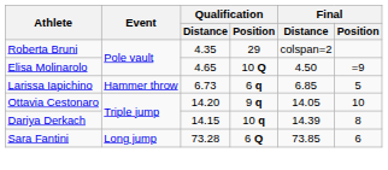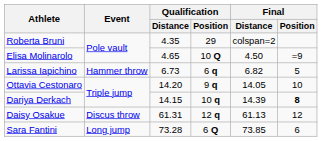 <table class=wikitable style=font-size:90%>
 <tr>
 <th rowspan=2>Athlete</th>
 <th rowspan=2>Event</th>
 <th colspan=2>Qualification</th>
 <th colspan=2>Final</th>
 </tr>
 <tr style=font-size:95%>
 <th>Distance</th>
 <th>Position</th>
 <th>Distance</th>
 <th>Position</th>
 </tr>
 <tr align=center>
 <td align=left><a href='#'>Roberta Bruni</a></td>
 <td align=left rowspan=2><a href='#'>Pole vault</a></td>
 <td>4.35</td>
 <td>29</td>
 <td>colspan=2 </td>
 </tr>
 <tr align=center>
 <td align=left><a href='#'>Elisa Molinarolo</a></td>
 <td>4.65 </td>
 <td>10 <strong>Q</strong></td>
 <td>4.50</td>
 <td>=9</td>
 </tr>
 <tr align=center>
 <td align=left><a href='#'>Larissa Iapichino</a></td>
 <td align=left><a href='#'>Hammer throw</a></td>
 <td>6.73</td>
 <td>6 <strong>q</strong></td>
-<td>6.85</td>
+<td>6.82</td>
 <td>5</td>
 </tr>
 <tr align=center>
 <td align=left><a href='#'>Ottavia Cestonaro</a></td>
 <td align=left rowspan=2><a href='#'>Triple jump</a></td>
 <td>14.20 </td>
 <td>9 <strong>q</strong></td>
 <td>14.05</td>
 <td>10</td>
 </tr>
 <tr align=center>
 <td align=left><a href='#'>Dariya Derkach</a></td>
 <td>14.15</td>
 <td>10 <strong>q</strong></td>
 <td>14.39 </td>
-<td>8</td>
+<td><strong>8</strong></td>
+</tr>
+<tr align=center>
+<td align=left><a href='#'>Daisy Osakue</a></td>
+<td align=left><a href='#'>Discus throw</a></td>
+<td>61.31</td>
+<td>12 <strong>q</strong></td>
+<td>61.13</td>
+<td>12</td>
 </tr>
 <tr align=center>
 <td align=left><a href='#'>Sara Fantini</a></td>
 <td align=left><a href='#'>Long jump</a></td>
 <td>73.28 </td>
 <td>6 <strong>Q</strong></td>
 <td>73.85 </td>
 <td>6</td>
 </tr>
 </table>
